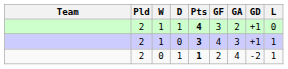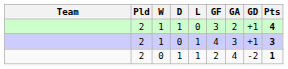 <table class="wikitable" style="text-align: center;">
 <tr>
 <th width=175>Team</th>
 <th width=20 abbr="Played">Pld</th>
 <th width=20 abbr="Won">W</th>
 <th width=20 abbr="Drawn">D</th>
-<th width=20 abbr="Points">Pts</th>
+<th width=20 abbr="Lost">L</th>
 <th width=20 abbr="Goals for">GF</th>
 <th width=20 abbr="Goals against">GA</th>
 <th width=20 abbr="Goal difference">GD</th>
-<th width=20 abbr="Lost">L</th>
+<th width=20 abbr="Points">Pts</th>
 </tr>
 <tr bgcolor=#ccffcc>
 <td align=left></td>
 <td>2</td>
 <td>1</td>
 <td>1</td>
-<td><strong>4</strong></td>
+<td>0</td>
 <td>3</td>
 <td>2</td>
 <td>+1</td>
-<td>0</td>
+<td><strong>4</strong></td>
 </tr>
 <tr bgcolor=#ccccff>
 <td align=left></td>
 <td>2</td>
 <td>1</td>
 <td>0</td>
-<td><strong>3</strong></td>
+<td>1</td>
 <td>4</td>
 <td>3</td>
 <td>+1</td>
-<td>1</td>
+<td><strong>3</strong></td>
 </tr>
 <tr>
 <td align=left></td>
 <td>2</td>
 <td>0</td>
 <td>1</td>
-<td><strong>1</strong></td>
+<td>1</td>
 <td>2</td>
 <td>4</td>
 <td>-2</td>
-<td>1</td>
+<td><strong>1</strong></td>
 </tr>
 </table>
